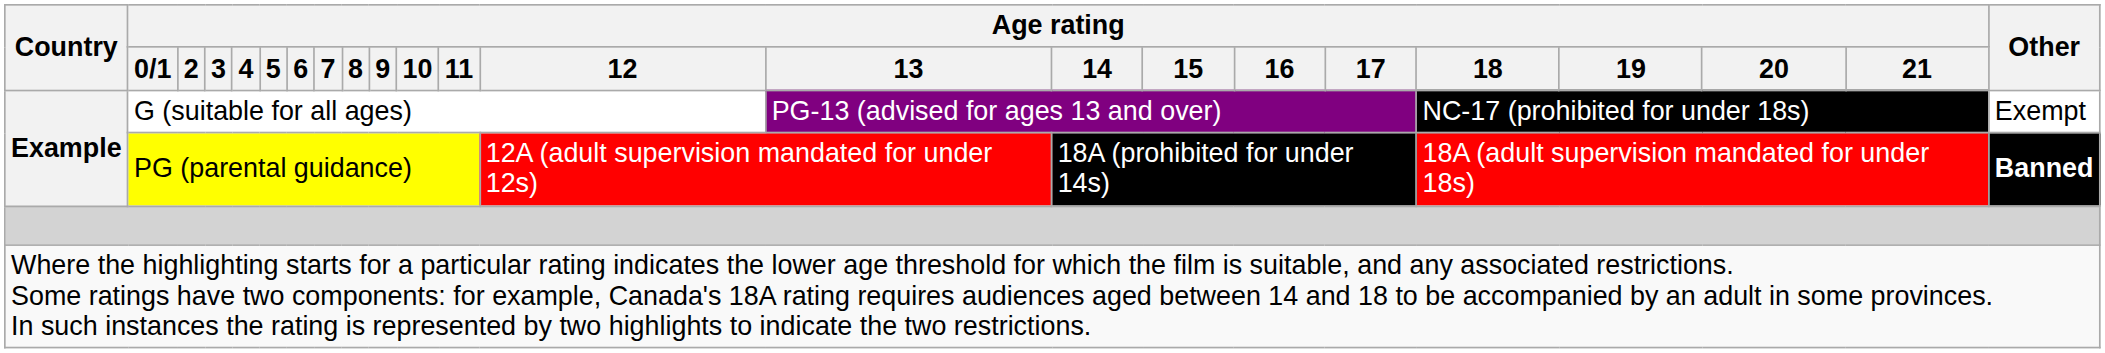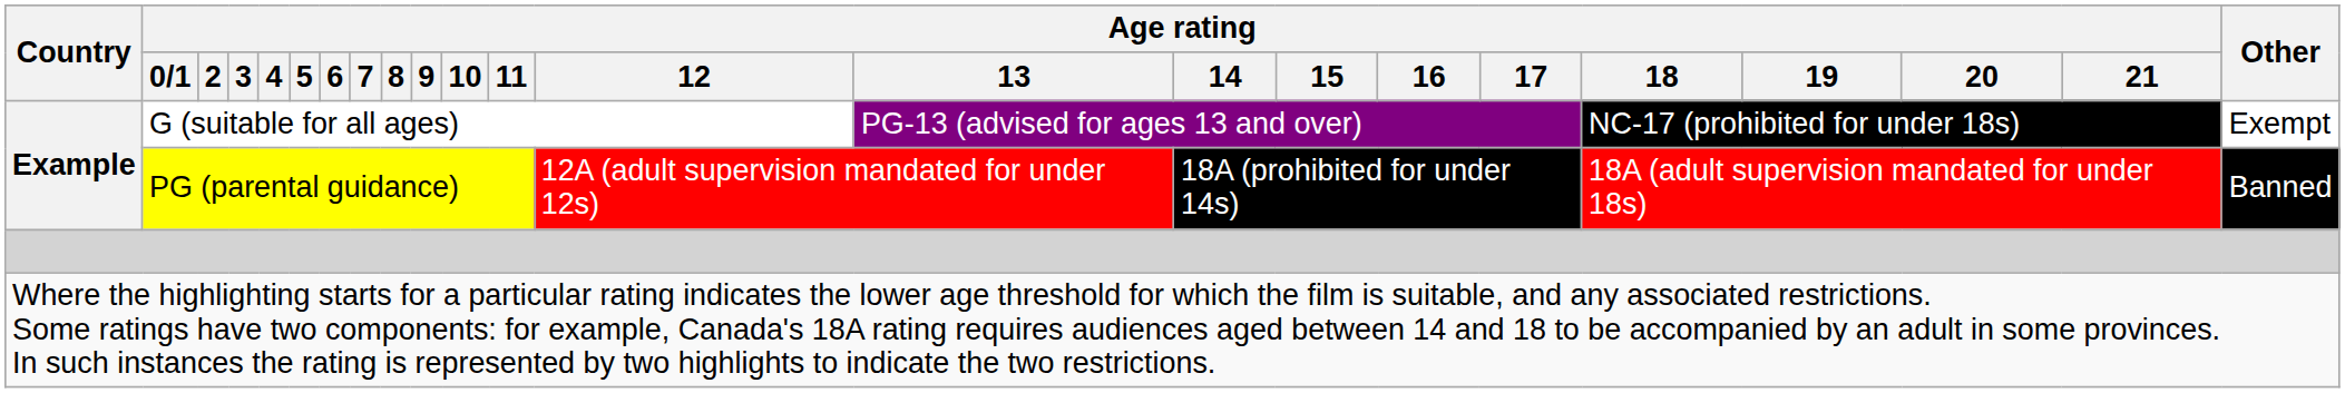 <table class="wikitable mw-collapsible mw-collapsed">
 <tr>
 <th rowspan="2">Country</th>
 <th colspan="21">Age rating</th>
 <th rowspan="2">Other</th>
 </tr>
 <tr>
 <th>0/1</th>
 <th>2</th>
 <th>3</th>
 <th>4</th>
 <th>5</th>
 <th>6</th>
 <th>7</th>
 <th>8</th>
 <th>9</th>
 <th>10</th>
 <th>11</th>
 <th>12</th>
 <th>13</th>
 <th>14</th>
 <th>15</th>
 <th>16</th>
 <th>17</th>
 <th>18</th>
 <th>19</th>
 <th>20</th>
 <th>21</th>
 </tr>
 <tr>
 <th rowspan="2" style="text-align:left">Example</th>
 <td colspan="12" style="background:white;">G (suitable for all ages)</td>
 <td colspan="5" style="background:purple; color:white">PG-13 (advised for ages 13 and over)</td>
 <td colspan="4" style="background:black; color:white">NC-17 (prohibited for under 18s)</td>
 <td style="background:white;">Exempt</td>
 </tr>
 <tr>
 <td colspan="11" style="background:yellow;">PG (parental guidance)</td>
 <td colspan="2" style="background:red; color:white">12A (adult supervision mandated for under 12s)</td>
 <td colspan="4" style="background:black; color:white">18A (prohibited for under 14s)</td>
 <td colspan="4" style="background:red; color:white">18A (adult supervision mandated for under 18s)</td>
-<td style="background:black; color: white;"><strong>Banned</strong></td>
+<td style="background:black; color: white;">Banned</td>
 </tr>
 <tr>
 <td colspan="23" style="background:lightgrey; height:1em;"></td>
 </tr>
 <tr>
 <td colspan="23">Where the highlighting starts for a particular rating indicates the lower age threshold for which the film is suitable, and any associated restrictions.<br> Some ratings have two components: for example, Canada's 18A rating requires audiences aged between 14 and 18 to be accompanied by an adult in some provinces.<br> In such instances the rating is represented by two highlights to indicate the two restrictions.</td>
 </tr>
 </table>
